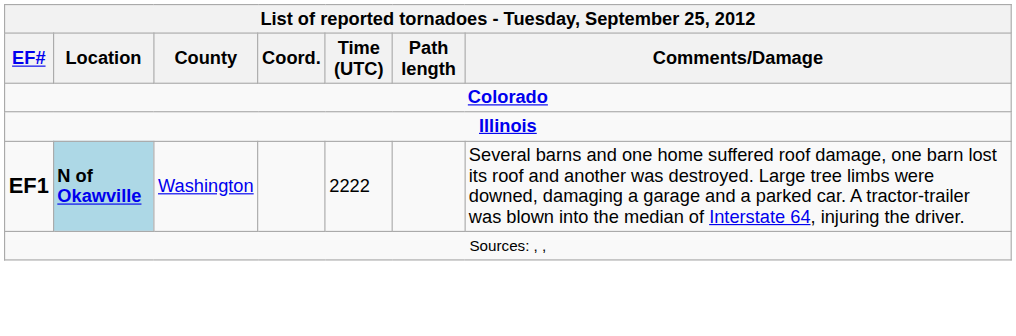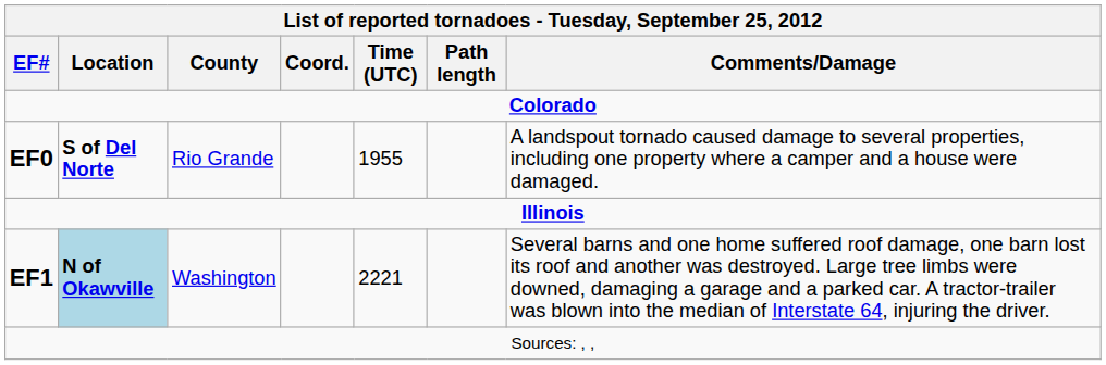 <table class="wikitable collapsible" width="100%">
 <tr>
 <th colspan="7">List of reported tornadoes - Tuesday, September 25, 2012</th>
 </tr>
 <tr>
 <th><a href='#'>EF#</a></th>
 <th>Location</th>
 <th>County</th>
 <th>Coord.</th>
 <th>Time (UTC)</th>
 <th>Path length</th>
 <th>Comments/Damage</th>
 </tr>
 <tr>
 <td colspan="7" align=center><strong><a href='#'>Colorado</a></strong></td>
 </tr>
 <tr>
+<td><big><strong>EF0</strong></big></td>
+<td><strong>S of <a href='#'>Del Norte</a></strong></td>
+<td><a href='#'>Rio Grande</a></td>
+<td></td>
+<td>1955</td>
+<td></td>
+<td>A landspout tornado caused damage to several properties, including one property where a camper and a house were damaged.</td>
+</tr>
+<tr>
 <td colspan="7" align=center><strong><a href='#'>Illinois</a></strong></td>
 </tr>
 <tr>
 <td><big><strong>EF1</strong></big></td>
 <td style="background: lightblue;"><strong>N of <a href='#'>Okawville</a></strong></td>
 <td><a href='#'>Washington</a></td>
 <td></td>
-<td>2222</td>
+<td>2221</td>
 <td></td>
 <td>Several barns and one home suffered roof damage, one barn lost its roof and another was destroyed. Large tree limbs were downed, damaging a garage and a parked car. A tractor-trailer was blown into the median of <a href='#'>Interstate 64</a>, injuring the driver.</td>
 </tr>
 <tr>
 <td colspan="7" align=center><small>Sources: , , </small></td>
 </tr>
 </table>
